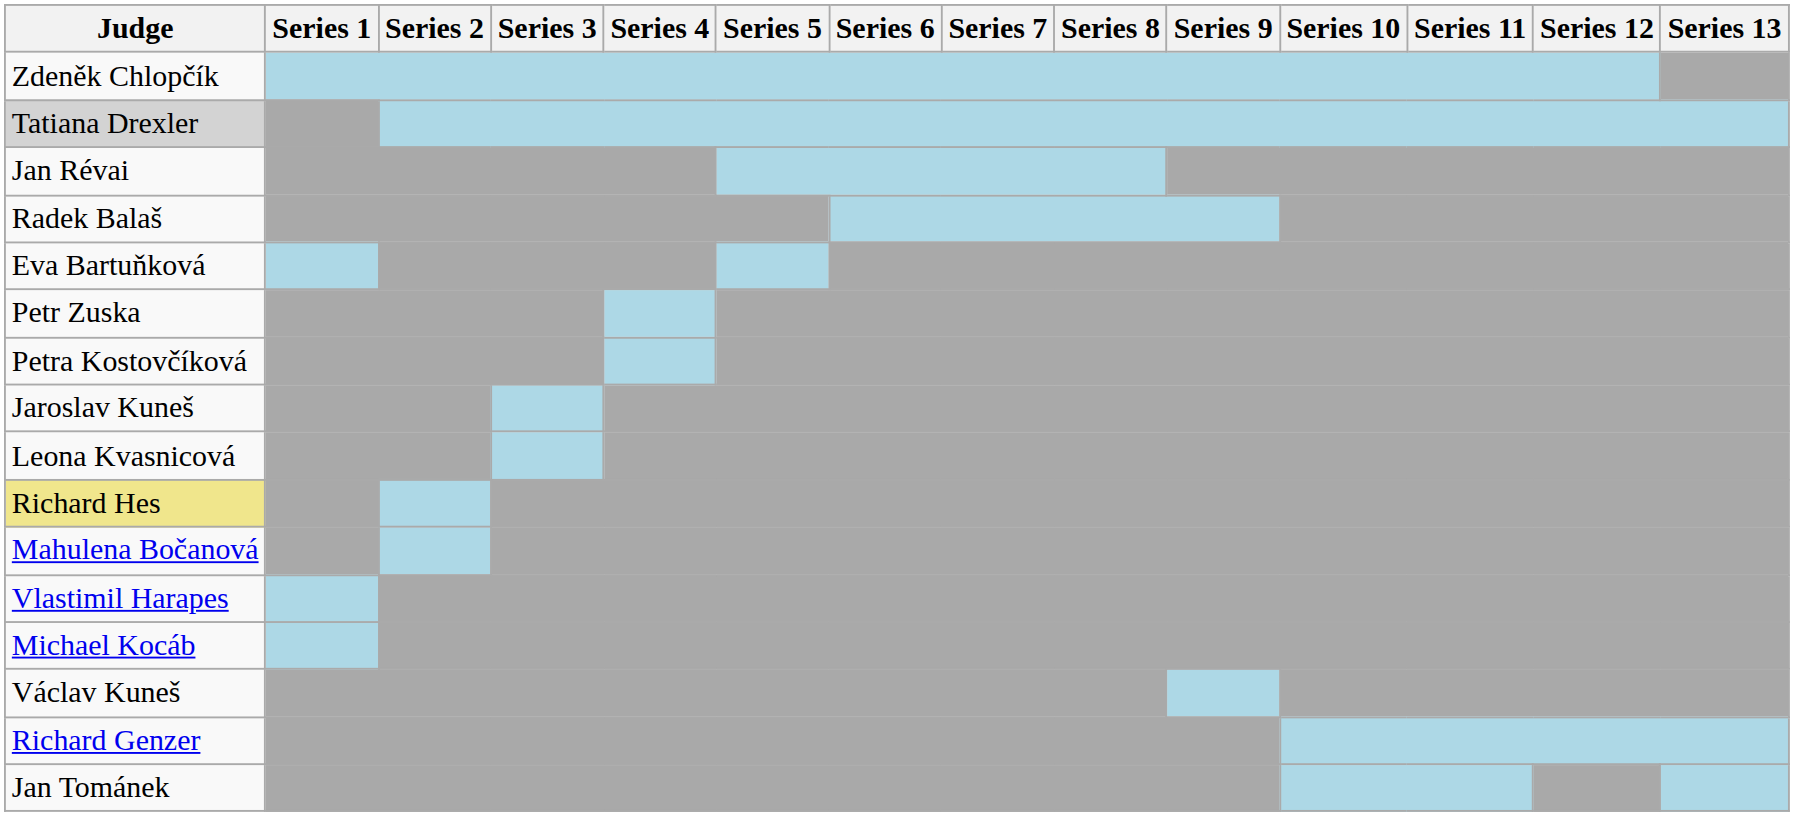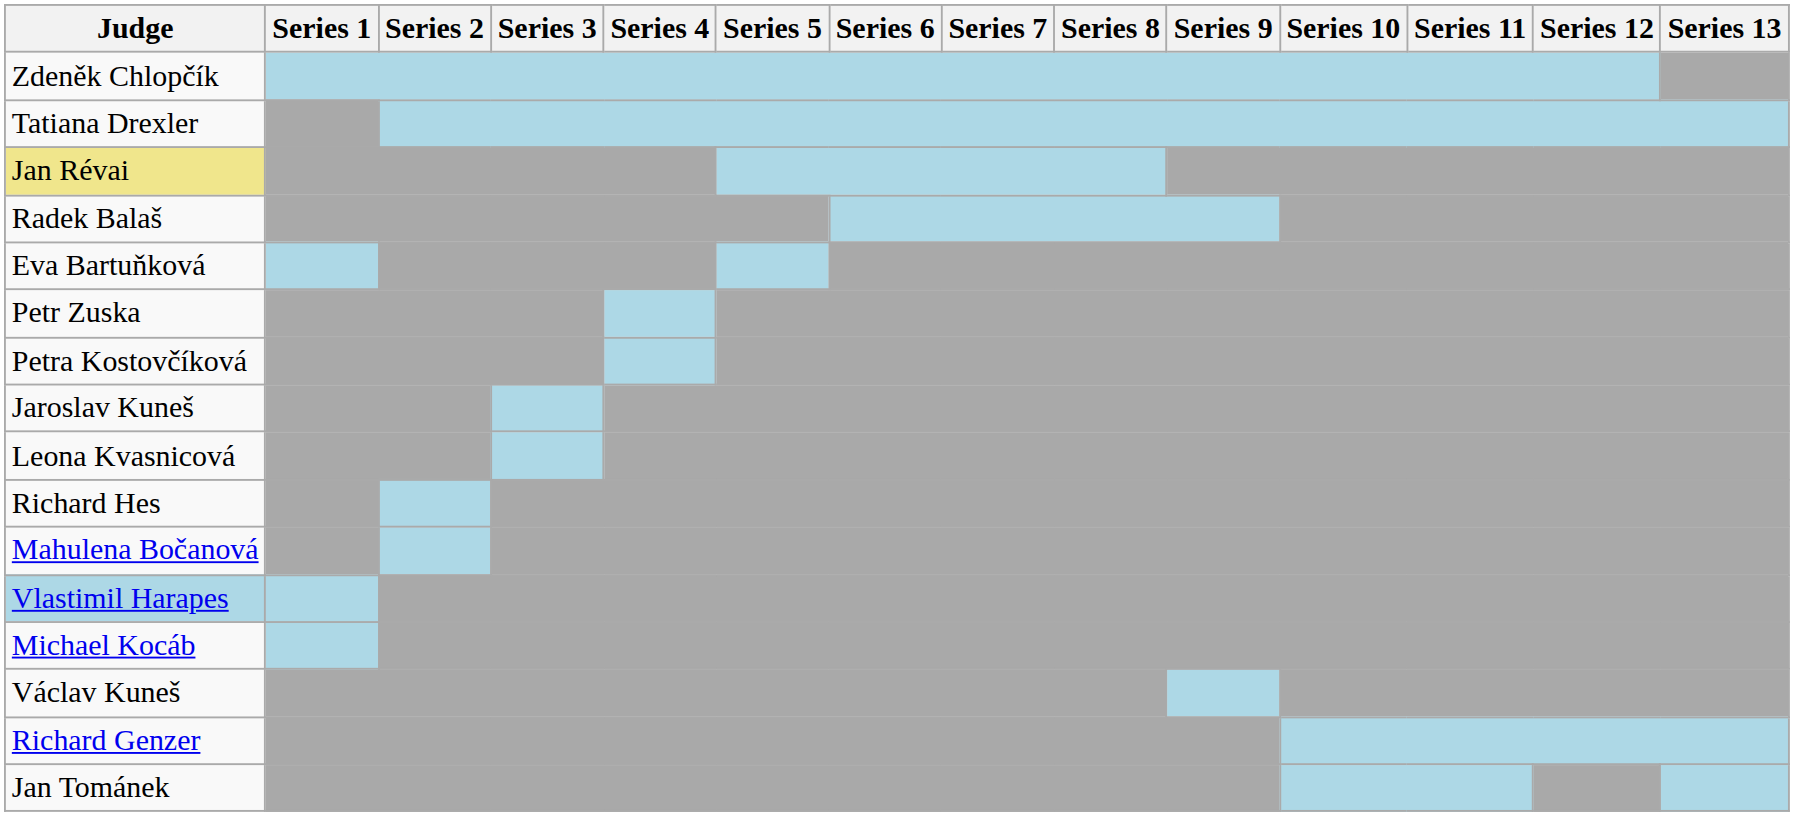 <table class="wikitable">
 <tr>
 <th>Judge</th>
 <th>Series 1</th>
 <th>Series 2</th>
 <th>Series 3</th>
 <th>Series 4</th>
 <th>Series 5</th>
 <th>Series 6</th>
 <th>Series 7</th>
 <th>Series 8</th>
 <th>Series 9</th>
 <th>Series 10</th>
 <th>Series 11</th>
 <th>Series 12</th>
 <th>Series 13</th>
 </tr>
 <tr>
 <td>Zdeněk Chlopčík</td>
 <td colspan="12" style="text-align:center; background:lightblue;"></td>
 <td colspan="1" bgcolor="darkgray"></td>
 </tr>
 <tr>
-<td style="background: lightgrey;">Tatiana Drexler</td>
+<td>Tatiana Drexler</td>
 <td bgcolor="darkgray" colspan="1"></td>
 <td colspan="12" style="text-align:center; background:lightblue;"></td>
 </tr>
 <tr>
-<td>Jan Révai</td>
+<td style="background: khaki;">Jan Révai</td>
 <td bgcolor="darkgray" colspan="4"></td>
 <td colspan="4" style="text-align:center; background:lightblue;"></td>
 <td bgcolor="darkgray" colspan="5"></td>
 </tr>
 <tr>
 <td>Radek Balaš</td>
 <td bgcolor="darkgray" colspan="5"></td>
 <td colspan="4" style="text-align:center; background:lightblue;"></td>
 <td bgcolor="darkgray" colspan="4"></td>
 </tr>
 <tr>
 <td>Eva Bartuňková</td>
 <td colspan=1  style="text-align:center; background:lightblue;"></td>
 <td bgcolor="darkgray" colspan="3"></td>
 <td style="text-align:center; background:lightblue;"></td>
 <td colspan="8" bgcolor="darkgray"></td>
 </tr>
 <tr>
 <td>Petr Zuska</td>
 <td bgcolor="darkgray" colspan="3"></td>
 <td colspan=1  style="text-align:center; background:lightblue;"></td>
 <td colspan="9" bgcolor="darkgray"></td>
 </tr>
 <tr>
 <td>Petra Kostovčíková</td>
 <td bgcolor="darkgray" colspan="3"></td>
 <td colspan=1  style="text-align:center; background:lightblue;"></td>
 <td bgcolor="darkgray" colspan="9"></td>
 </tr>
 <tr>
 <td>Jaroslav Kuneš</td>
 <td bgcolor="darkgray" colspan="2"></td>
 <td colspan=1  style="text-align:center; background:lightblue;"></td>
 <td colspan="10" bgcolor="darkgray"></td>
 </tr>
 <tr>
 <td>Leona Kvasnicová</td>
 <td bgcolor="darkgray" colspan="2"></td>
 <td colspan=1  style="text-align:center; background:lightblue;"></td>
 <td colspan="10" bgcolor="darkgray"></td>
 </tr>
 <tr>
-<td style="background: khaki;">Richard Hes</td>
+<td>Richard Hes</td>
 <td bgcolor="darkgray" colspan="1"></td>
 <td colspan=1  style="text-align:center; background:lightblue;"></td>
 <td colspan="11" bgcolor="darkgray"></td>
 </tr>
 <tr>
 <td><a href='#'>Mahulena Bočanová</a></td>
 <td bgcolor="darkgray" colspan="1"></td>
 <td colspan=1  style="text-align:center; background:lightblue;"></td>
 <td colspan="11" bgcolor="darkgray"></td>
 </tr>
 <tr>
-<td><a href='#'>Vlastimil Harapes</a></td>
+<td style="background: lightblue;"><a href='#'>Vlastimil Harapes</a></td>
 <td colspan=1  style="text-align:center; background:lightblue;"></td>
 <td colspan="12" bgcolor="darkgray"></td>
 </tr>
 <tr>
 <td><a href='#'>Michael Kocáb</a></td>
 <td colspan=1  style="text-align:center; background:lightblue;"></td>
 <td colspan="12" bgcolor="darkgray"></td>
 </tr>
 <tr>
 <td>Václav Kuneš</td>
 <td colspan="8" bgcolor="darkgray"></td>
 <td colspan=1  style="text-align:center; background:lightblue;"></td>
 <td colspan="4" bgcolor="darkgray"></td>
 </tr>
 <tr>
 <td><a href='#'>Richard Genzer</a></td>
 <td colspan="9" bgcolor="darkgray"></td>
 <td colspan="4"  style="text-align:center; background:lightblue;"></td>
 </tr>
 <tr>
 <td>Jan Tománek</td>
 <td colspan="9" bgcolor="darkgray"></td>
 <td colspan="2"  style="text-align:center; background:lightblue;"></td>
 <td colspan="1" bgcolor="darkgray"></td>
 <td colspan="1"  style="text-align:center; background:lightblue;"></td>
 </tr>
 </table>
